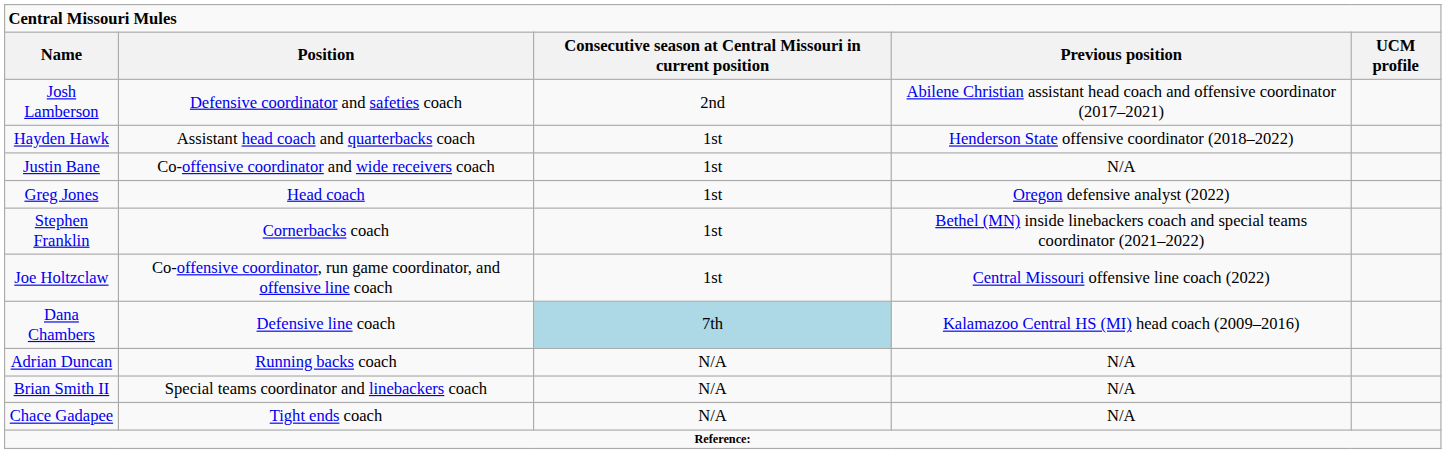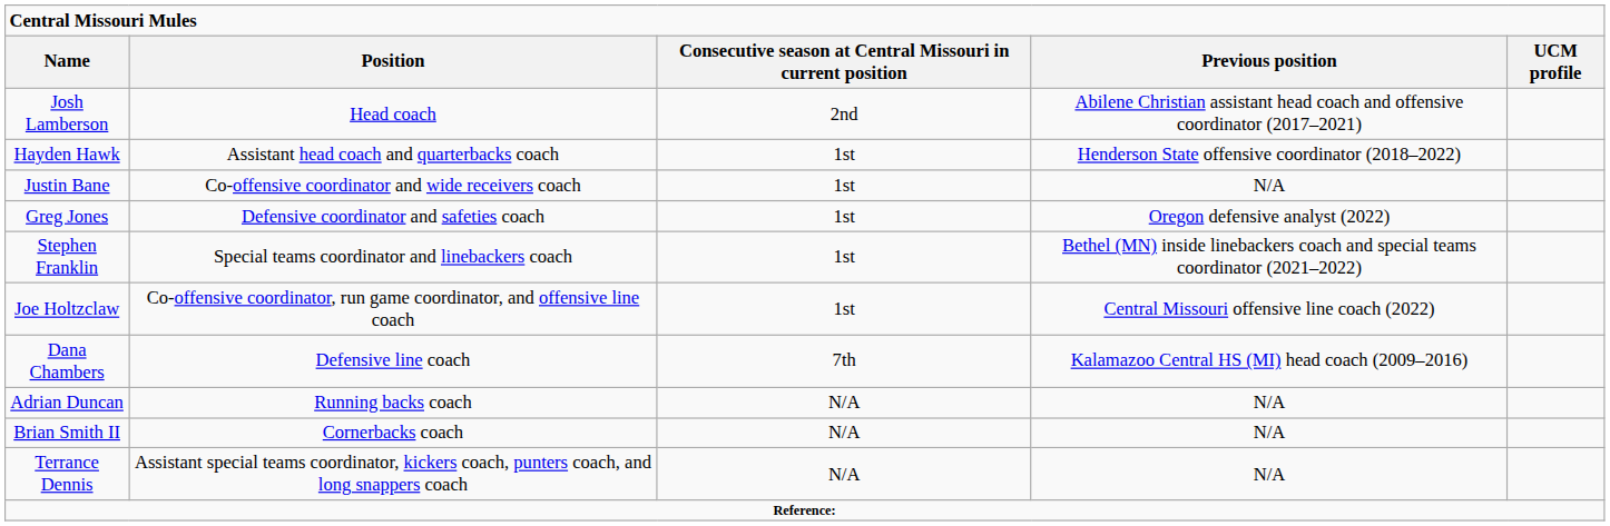 <table class="wikitable" style="font-size:90%;">
 <tr>
 <td colspan=5><strong>Central Missouri Mules</strong></td>
 </tr>
 <tr align="center";>
 <th>Name</th>
 <th>Position</th>
 <th>Consecutive season at Central Missouri in current position</th>
 <th>Previous position</th>
 <th>UCM profile</th>
 </tr>
 <tr align="center";>
 <td><a href='#'>Josh Lamberson</a></td>
-<td><a href='#'>Defensive coordinator</a> and <a href='#'>safeties</a> coach</td>
+<td><a href='#'>Head coach</a></td>
 <td>2nd</td>
 <td><a href='#'>Abilene Christian</a> assistant head coach and offensive coordinator (2017–2021)</td>
 <td></td>
 </tr>
 <tr align="center";>
 <td><a href='#'>Hayden Hawk</a></td>
 <td>Assistant <a href='#'>head coach</a> and <a href='#'>quarterbacks</a> coach</td>
 <td>1st</td>
 <td><a href='#'>Henderson State</a> offensive coordinator (2018–2022)</td>
 <td></td>
 </tr>
 <tr align="center";>
 <td><a href='#'>Justin Bane</a></td>
 <td>Co-<a href='#'>offensive coordinator</a> and <a href='#'>wide receivers</a> coach</td>
 <td>1st</td>
 <td>N/A</td>
 <td></td>
 </tr>
 <tr align="center";>
 <td><a href='#'>Greg Jones</a></td>
-<td><a href='#'>Head coach</a></td>
+<td><a href='#'>Defensive coordinator</a> and <a href='#'>safeties</a> coach</td>
 <td>1st</td>
 <td><a href='#'>Oregon</a> defensive analyst (2022)</td>
 <td></td>
 </tr>
 <tr align="center";>
 <td><a href='#'>Stephen Franklin</a></td>
-<td><a href='#'>Cornerbacks</a> coach</td>
+<td>Special teams coordinator and <a href='#'>linebackers</a> coach</td>
 <td>1st</td>
 <td><a href='#'>Bethel (MN)</a> inside linebackers coach and special teams coordinator (2021–2022)</td>
 <td></td>
 </tr>
 <tr align="center";>
 <td><a href='#'>Joe Holtzclaw</a></td>
 <td>Co-<a href='#'>offensive coordinator</a>, run game coordinator, and <a href='#'>offensive line</a> coach</td>
 <td>1st</td>
 <td><a href='#'>Central Missouri</a> offensive line coach (2022)</td>
 <td></td>
 </tr>
 <tr align="center";>
 <td><a href='#'>Dana Chambers</a></td>
 <td><a href='#'>Defensive line</a> coach</td>
-<td style="background: lightblue;">7th</td>
+<td>7th</td>
 <td><a href='#'>Kalamazoo Central HS (MI)</a> head coach (2009–2016)</td>
 <td></td>
 </tr>
 <tr align="center";>
 <td><a href='#'>Adrian Duncan</a></td>
 <td><a href='#'>Running backs</a> coach</td>
 <td>N/A</td>
 <td>N/A</td>
 <td></td>
 </tr>
 <tr align="center";>
 <td><a href='#'>Brian Smith II</a></td>
-<td>Special teams coordinator and <a href='#'>linebackers</a> coach</td>
+<td><a href='#'>Cornerbacks</a> coach</td>
 <td>N/A</td>
 <td>N/A</td>
 <td></td>
 </tr>
-<tr align="center";>
-<td><a href='#'>Chace Gadapee</a></td>
-<td><a href='#'>Tight ends</a> coach</td>
+<tr align="center" ;>
+<td><a href='#'>Terrance Dennis</a></td>
+<td>Assistant special teams coordinator, <a href='#'>kickers</a> coach, <a href='#'>punters</a> coach, and <a href='#'>long snappers</a> coach</td>
 <td>N/A</td>
 <td>N/A</td>
 <td></td>
 </tr>
 <tr>
 <td colspan="5" style="font-size:8pt; text-align:center;"><strong>Reference:</strong></td>
 </tr>
 </table>
